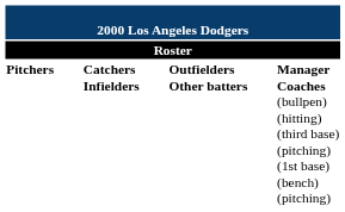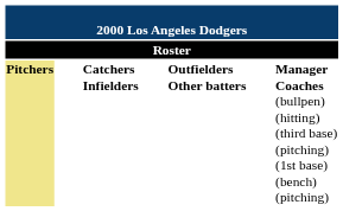 <table class="toccolours" style="font-size: 95%;">
 <tr>
 <th colspan="10" style="background-color: #083c6b; color: #FFFFFF; text-align: center;"><br>2000 Los Angeles Dodgers</th>
 </tr>
 <tr>
 <td colspan="10" style="background-color: black; color: #FFFFFF; text-align: center;"><strong>Roster</strong></td>
 </tr>
 <tr>
-<td valign="top"><strong>Pitchers</strong><br>                                   </td>
+<td valign="top" style="background: khaki;"><strong>Pitchers</strong><br>                                   </td>
 <td width="25px"></td>
 <td valign="top"><strong>Catchers</strong><br>   <strong>Infielders</strong>           </td>
 <td width="25px"></td>
 <td valign="top"><strong>Outfielders</strong><br>          <strong>Other batters</strong> </td>
 <td width="25px"></td>
 <td valign="top"><strong>Manager</strong><br>  <strong>Coaches</strong>  <br>(bullpen)  <br>(hitting)  <br> (third base)   <br> (pitching)  <br>(1st base)  <br>(bench) <br> (pitching)</td>
 </tr>
 </table>
